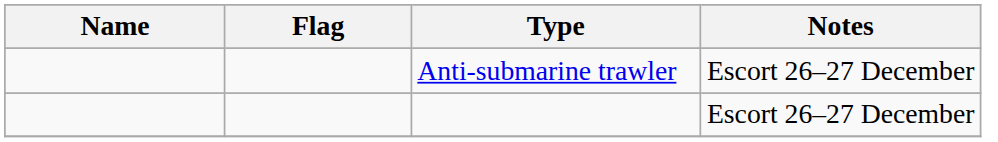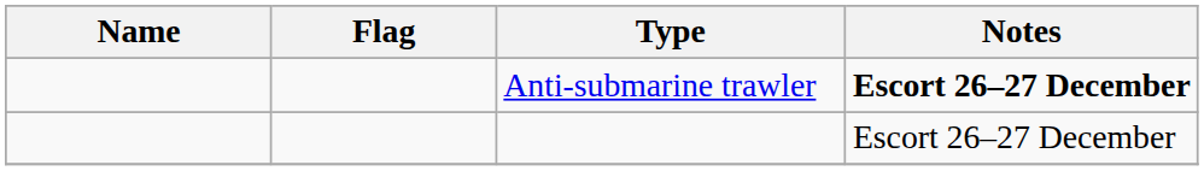 <table class="wikitable sortable">
 <tr>
 <th scope="col" width="120px">Name</th>
 <th scope="col" width="100px">Flag</th>
 <th scope="col" width="160px">Type</th>
 <th>Notes</th>
 </tr>
 <tr>
 <td align="left"></td>
 <td align="left"></td>
 <td align="left"><a href='#'>Anti-submarine trawler</a></td>
-<td align="left">Escort 26–27 December</td>
+<td align="left"><strong>Escort 26–27 December</strong></td>
 </tr>
 <tr>
 <td align="left"></td>
 <td align="left"></td>
 <td align="left"></td>
 <td align="left">Escort  26–27 December</td>
 </tr>
 <tr>
 </tr>
 </table>
